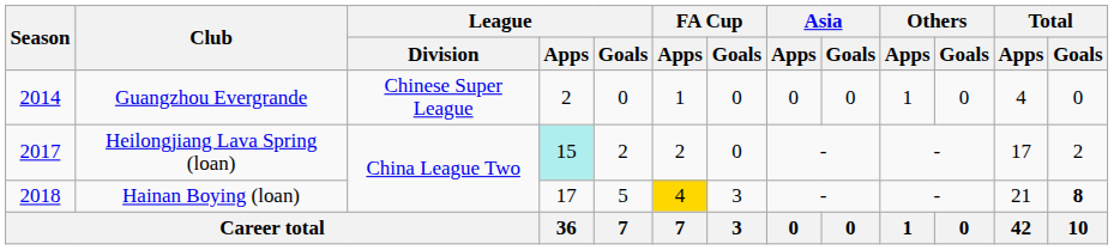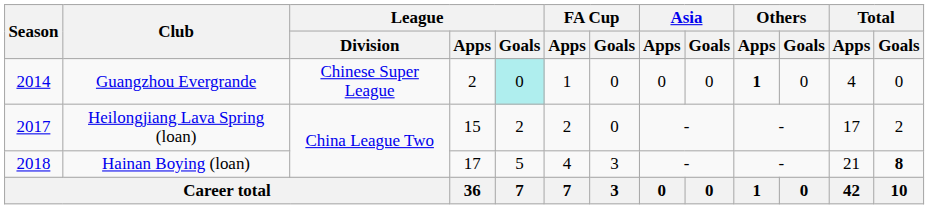 <table class="wikitable" style="text-align: center;">
 <tr>
 <th rowspan="2">Season</th>
 <th rowspan="2">Club</th>
 <th colspan="3">League</th>
 <th colspan="2">FA Cup</th>
 <th colspan="2"><a href='#'>Asia</a></th>
 <th colspan="2">Others</th>
 <th colspan="2">Total</th>
 </tr>
 <tr>
 <th>Division</th>
 <th>Apps</th>
 <th>Goals</th>
 <th>Apps</th>
 <th>Goals</th>
 <th>Apps</th>
 <th>Goals</th>
 <th>Apps</th>
 <th>Goals</th>
 <th>Apps</th>
 <th>Goals</th>
 </tr>
 <tr>
 <td><a href='#'>2014</a></td>
 <td rowspan="1"><a href='#'>Guangzhou Evergrande</a></td>
 <td rowspan="1"><a href='#'>Chinese Super League</a></td>
 <td>2</td>
-<td>0</td>
+<td style="background: paleturquoise;">0</td>
 <td>1</td>
 <td>0</td>
 <td>0</td>
 <td>0</td>
-<td>1</td>
+<td><strong>1</strong></td>
 <td>0</td>
 <td>4</td>
 <td>0</td>
 </tr>
 <tr>
 <td><a href='#'>2017</a></td>
 <td rowspan="1"><a href='#'>Heilongjiang Lava Spring</a> (loan)</td>
 <td rowspan="2"><a href='#'>China League Two</a></td>
-<td style="background: paleturquoise;">15</td>
+<td>15</td>
 <td>2</td>
 <td>2</td>
 <td>0</td>
 <td colspan="2">-</td>
 <td colspan="2">-</td>
 <td>17</td>
 <td>2</td>
 </tr>
 <tr>
 <td><a href='#'>2018</a></td>
 <td><a href='#'>Hainan Boying</a> (loan)</td>
 <td>17</td>
 <td>5</td>
-<td style="background: gold;">4</td>
+<td>4</td>
 <td>3</td>
 <td colspan="2">-</td>
 <td colspan="2">-</td>
 <td>21</td>
 <td><strong>8</strong></td>
 </tr>
 <tr>
 <th colspan="3">Career total</th>
 <th>36</th>
 <th>7</th>
 <th>7</th>
 <th>3</th>
 <th>0</th>
 <th>0</th>
 <th>1</th>
 <th>0</th>
 <th>42</th>
 <th>10</th>
 </tr>
 </table>
